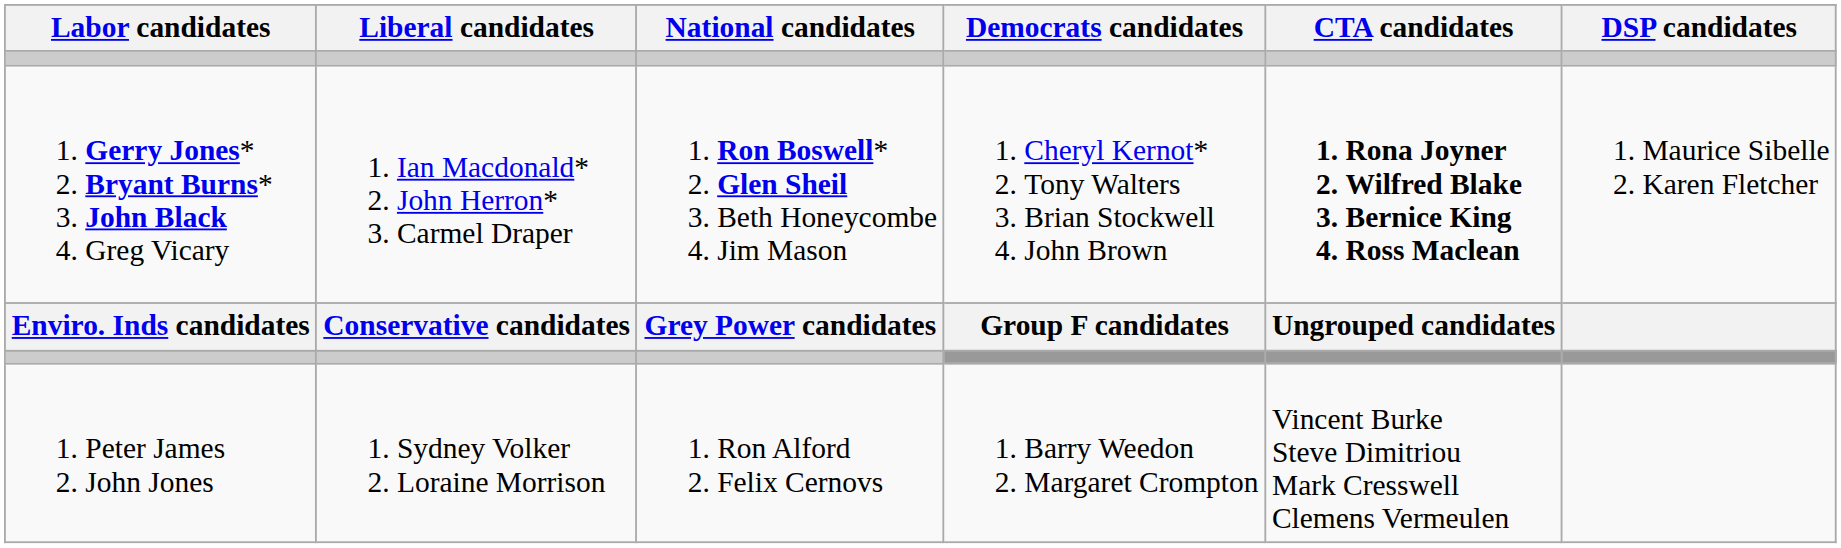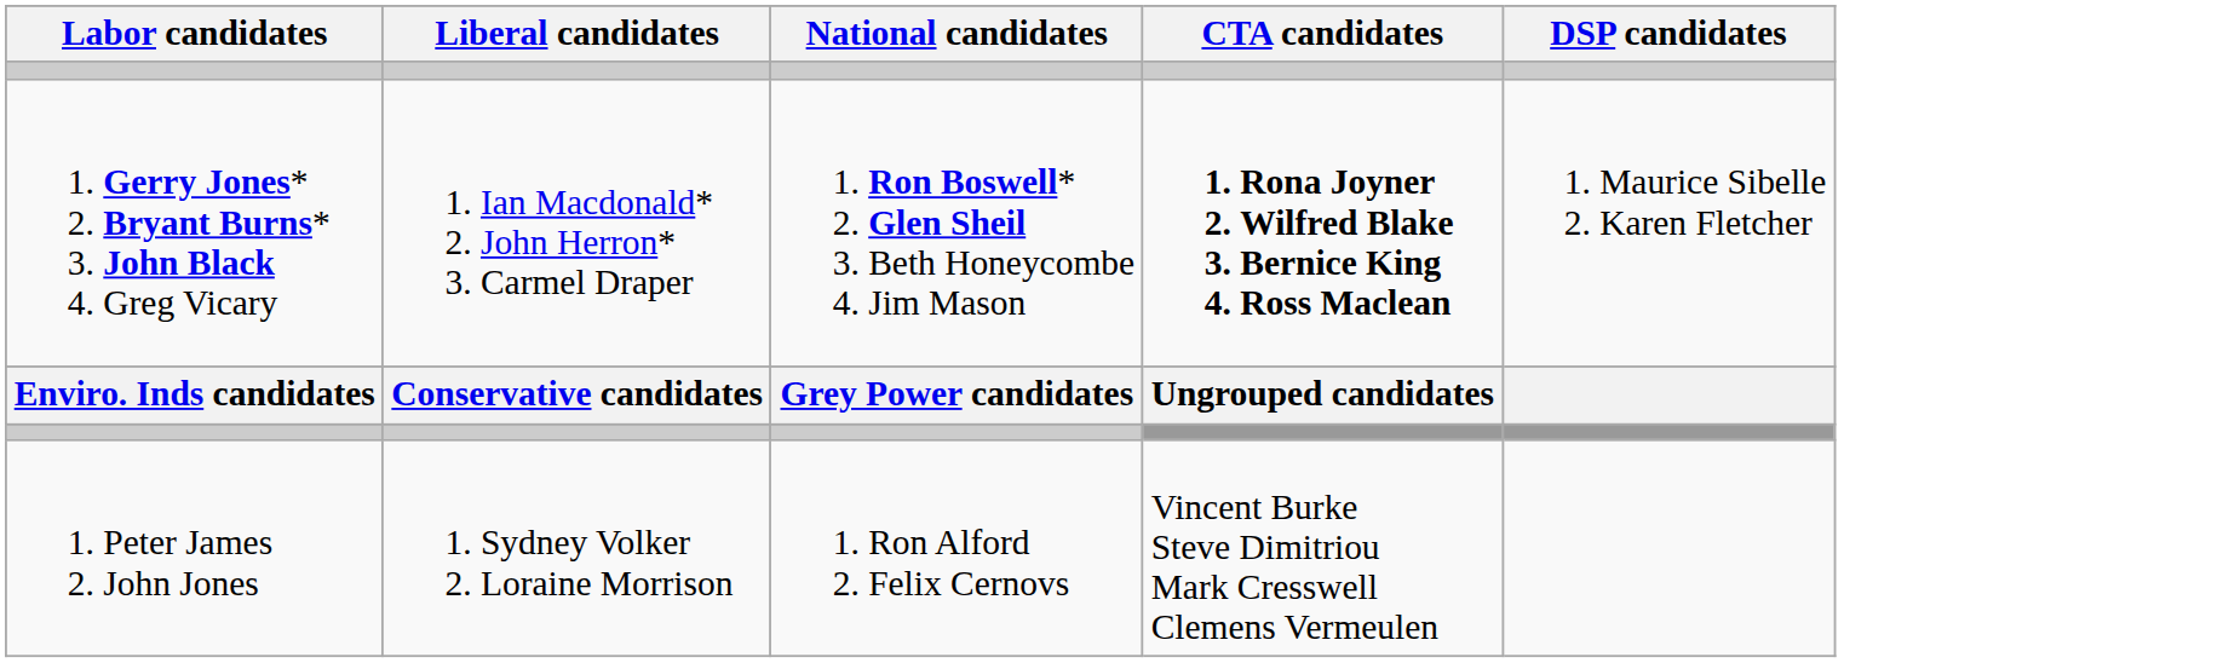 <table class="wikitable">
 <tr>
 <th><a href='#'>Labor</a> candidates</th>
 <th><a href='#'>Liberal</a> candidates</th>
 <th><a href='#'>National</a> candidates</th>
-<th><a href='#'>Democrats</a> candidates</th>
 <th><a href='#'>CTA</a> candidates</th>
 <th><a href='#'>DSP</a> candidates</th>
 </tr>
 <tr bgcolor="#cccccc">
-<td></td>
 <td></td>
 <td></td>
 <td></td>
 <td></td>
 <td></td>
 </tr>
 <tr>
 <td><br><ol><li><strong><a href='#'>Gerry Jones</a></strong>*</li><li><strong><a href='#'>Bryant Burns</a></strong>*</li><li><strong><a href='#'>John Black</a></strong></li><li>Greg Vicary</li></ol></td>
 <td><br><ol><li><a href='#'>Ian Macdonald</a>*</li><li><a href='#'>John Herron</a>*</li><li>Carmel Draper</li></ol></td>
 <td><br><ol><li><strong><a href='#'>Ron Boswell</a></strong>*</li><li><strong><a href='#'>Glen Sheil</a></strong></li><li>Beth Honeycombe</li><li>Jim Mason</li></ol></td>
-<td><br><ol><li><a href='#'>Cheryl Kernot</a>*</li><li>Tony Walters</li><li>Brian Stockwell</li><li>John Brown</li></ol></td>
 <td valign=top><strong><br><ol><li>Rona Joyner</li><li>Wilfred Blake</li><li>Bernice King</li><li>Ross Maclean</li></ol></strong></td>
 <td valign=top><br><ol><li>Maurice Sibelle</li><li>Karen Fletcher</li></ol></td>
 </tr>
 <tr bgcolor="#cccccc">
 <th><a href='#'>Enviro. Inds</a> candidates</th>
 <th><a href='#'>Conservative</a> candidates</th>
 <th><a href='#'>Grey Power</a> candidates</th>
-<th>Group F candidates</th>
 <th>Ungrouped candidates</th>
 <th></th>
 </tr>
 <tr bgcolor="#cccccc">
 <td></td>
 <td></td>
 <td></td>
 <td bgcolor="#999999"></td>
 <td bgcolor="#999999"></td>
-<td bgcolor="#999999"></td>
 </tr>
 <tr>
 <td valign=top><br><ol><li>Peter James</li><li>John Jones</li></ol></td>
 <td valign=top><br><ol><li>Sydney Volker</li><li>Loraine Morrison</li></ol></td>
 <td valign=top><br><ol><li>Ron Alford</li><li>Felix Cernovs</li></ol></td>
-<td valign=top><br><ol><li>Barry Weedon</li><li>Margaret Crompton</li></ol></td>
 <td valign=top><br>Vincent Burke<br> Steve Dimitriou<br> Mark Cresswell<br> Clemens Vermeulen</td>
 <td valign=top></td>
 </tr>
 </table>
